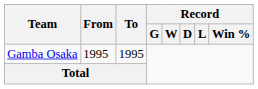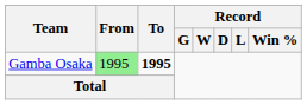 <table class="wikitable" style="text-align: center">
 <tr>
 <th rowspan="2">Team</th>
 <th rowspan="2">From</th>
 <th rowspan="2">To</th>
 <th colspan="5">Record</th>
 </tr>
 <tr>
 <th>G</th>
 <th>W</th>
 <th>D</th>
 <th>L</th>
 <th>Win %</th>
 </tr>
 <tr>
 <td align="left"><a href='#'>Gamba Osaka</a></td>
-<td align="left">1995</td>
-<td align="left">1995<br></td>
+<td align="left" style="background: lightgreen;">1995</td>
+<td align="left"><strong>1995<br></strong></td>
 </tr>
 <tr>
 <th colspan="3">Total<br></th>
 </tr>
 </table>
